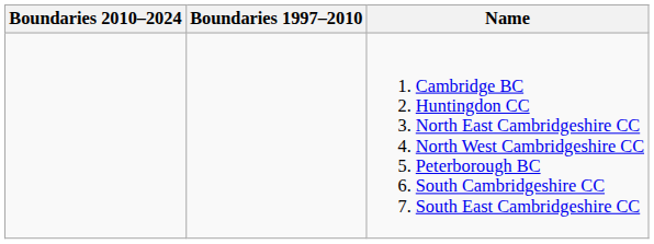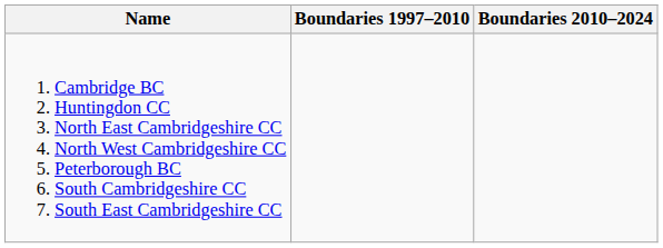 <table class="wikitable">
 <tr>
+<th>Name</th>
+<th>Boundaries 1997–2010</th>
 <th>Boundaries 2010–2024</th>
-<th>Boundaries 1997–2010</th>
-<th>Name</th>
 </tr>
 <tr>
+<td><br><ol><li><a href='#'>Cambridge BC</a></li><li><a href='#'>Huntingdon CC</a></li><li><a href='#'>North East Cambridgeshire CC</a></li><li><a href='#'>North West Cambridgeshire CC</a></li><li><a href='#'>Peterborough BC</a></li><li><a href='#'>South Cambridgeshire CC</a></li><li><a href='#'>South East Cambridgeshire CC</a></li></ol></td>
 <td></td>
 <td></td>
-<td><br><ol><li><a href='#'>Cambridge BC</a></li><li><a href='#'>Huntingdon CC</a></li><li><a href='#'>North East Cambridgeshire CC</a></li><li><a href='#'>North West Cambridgeshire CC</a></li><li><a href='#'>Peterborough BC</a></li><li><a href='#'>South Cambridgeshire CC</a></li><li><a href='#'>South East Cambridgeshire CC</a></li></ol></td>
 </tr>
 </table>
